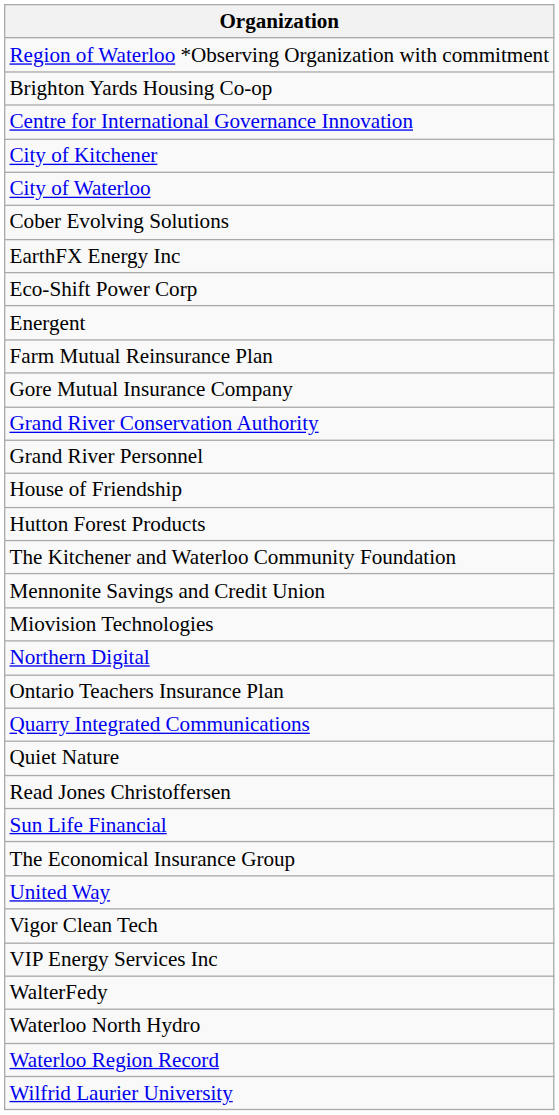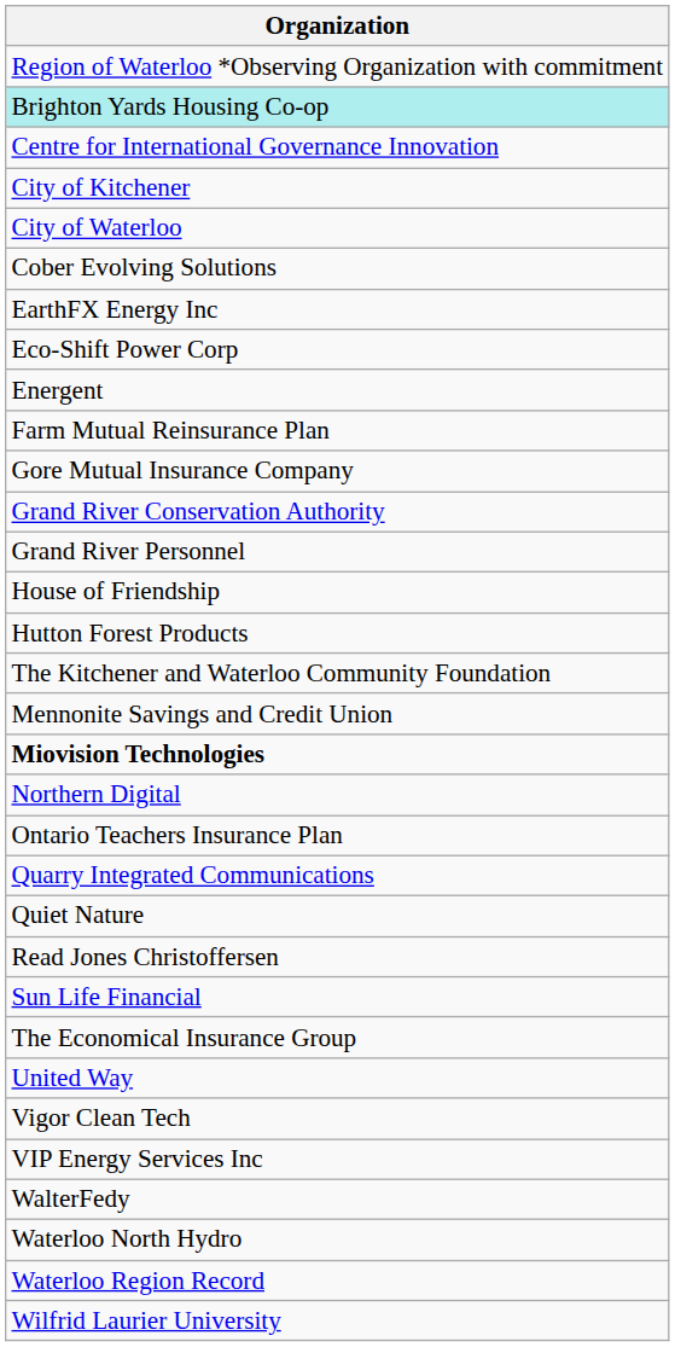 <table class="wikitable">
 <tr>
 <th>Organization</th>
 </tr>
 <tr>
 <td><a href='#'>Region of Waterloo</a> *Observing Organization with commitment</td>
 </tr>
 <tr>
-<td>Brighton Yards Housing Co-op</td>
+<td style="background: paleturquoise;">Brighton Yards Housing Co-op</td>
 </tr>
 <tr>
 <td><a href='#'>Centre for International Governance Innovation</a></td>
 </tr>
 <tr>
 <td><a href='#'>City of Kitchener</a></td>
 </tr>
 <tr>
 <td><a href='#'>City of Waterloo</a></td>
 </tr>
 <tr>
 <td>Cober Evolving Solutions</td>
 </tr>
 <tr>
 <td>EarthFX Energy Inc</td>
 </tr>
 <tr>
 <td>Eco-Shift Power Corp</td>
 </tr>
 <tr>
 <td>Energent</td>
 </tr>
 <tr>
 <td>Farm Mutual Reinsurance Plan</td>
 </tr>
 <tr>
 <td>Gore Mutual Insurance Company</td>
 </tr>
 <tr>
 <td><a href='#'>Grand River Conservation Authority</a></td>
 </tr>
 <tr>
 <td>Grand River Personnel</td>
 </tr>
 <tr>
 <td>House of Friendship</td>
 </tr>
 <tr>
 <td>Hutton Forest Products</td>
 </tr>
 <tr>
 <td>The Kitchener and Waterloo Community Foundation</td>
 </tr>
 <tr>
 <td>Mennonite Savings and Credit Union</td>
 </tr>
 <tr>
-<td>Miovision Technologies</td>
+<td><strong>Miovision Technologies</strong></td>
 </tr>
 <tr>
 <td><a href='#'>Northern Digital</a></td>
 </tr>
 <tr>
 <td>Ontario Teachers Insurance Plan</td>
 </tr>
 <tr>
 <td><a href='#'>Quarry Integrated Communications</a></td>
 </tr>
 <tr>
 <td>Quiet Nature</td>
 </tr>
 <tr>
 <td>Read Jones Christoffersen</td>
 </tr>
 <tr>
 <td><a href='#'>Sun Life Financial</a></td>
 </tr>
 <tr>
 <td>The Economical Insurance Group</td>
 </tr>
 <tr>
 <td><a href='#'>United Way</a></td>
 </tr>
 <tr>
 <td>Vigor Clean Tech</td>
 </tr>
 <tr>
 <td>VIP Energy Services Inc</td>
 </tr>
 <tr>
 <td>WalterFedy</td>
 </tr>
 <tr>
 <td>Waterloo North Hydro</td>
 </tr>
 <tr>
 <td><a href='#'>Waterloo Region Record</a></td>
 </tr>
 <tr>
 <td><a href='#'>Wilfrid Laurier University</a></td>
 </tr>
 </table>
